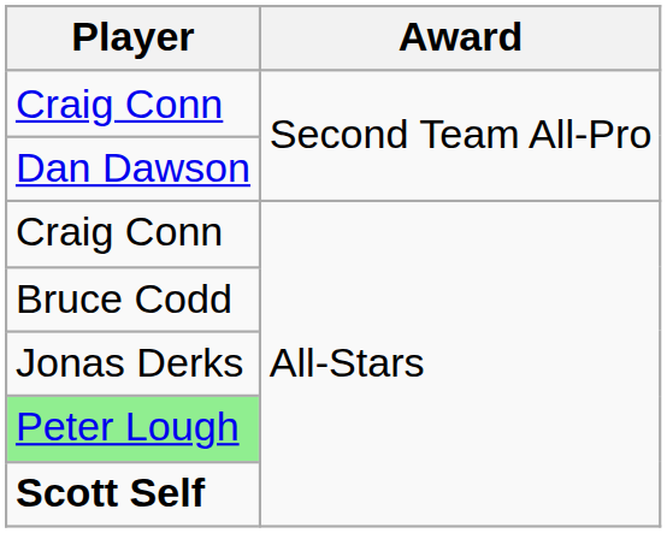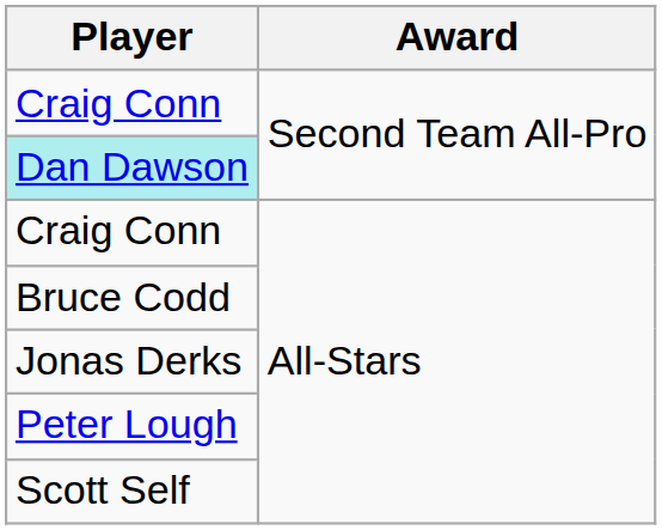 <table class="wikitable">
 <tr>
 <th>Player</th>
 <th>Award</th>
 </tr>
 <tr>
 <td><a href='#'>Craig Conn</a></td>
 <td rowspan=2>Second Team All-Pro</td>
 </tr>
 <tr>
-<td><a href='#'>Dan Dawson</a></td>
+<td style="background: paleturquoise;"><a href='#'>Dan Dawson</a></td>
 </tr>
 <tr>
 <td>Craig Conn</td>
 <td rowspan=5>All-Stars</td>
 </tr>
 <tr>
 <td>Bruce Codd</td>
 </tr>
 <tr>
 <td>Jonas Derks</td>
 </tr>
 <tr>
-<td style="background: lightgreen;"><a href='#'>Peter Lough</a></td>
+<td><a href='#'>Peter Lough</a></td>
 </tr>
 <tr>
-<td><strong>Scott Self</strong></td>
+<td>Scott Self</td>
 </tr>
 </table>
